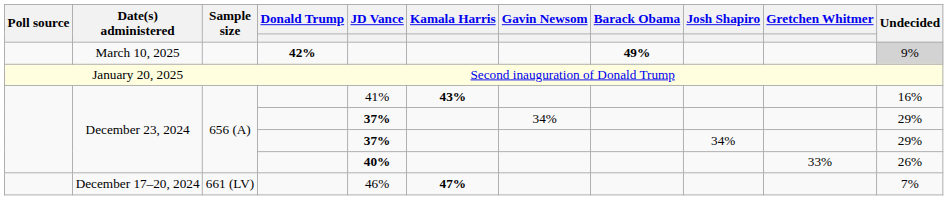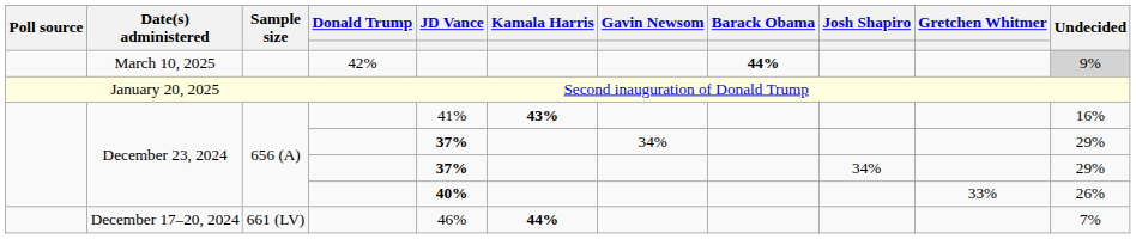 <table class="wikitable" style="font-size:90%;text-align:center;line-height:17px">
 <tr>
 <th rowspan=2>Poll source</th>
 <th rowspan=2>Date(s)<br>administered</th>
 <th rowspan=2>Sample<br>size</th>
 <th><a href='#'>Donald Trump</a><br><small></small></th>
 <th><a href='#'>JD Vance</a><br><small></small></th>
 <th><a href='#'>Kamala Harris</a><br><small></small></th>
 <th><a href='#'>Gavin Newsom</a><br><small></small></th>
 <th><a href='#'>Barack Obama</a><br><small></small></th>
 <th><a href='#'>Josh Shapiro</a><br><small></small></th>
 <th><a href='#'>Gretchen Whitmer</a><br><small></small></th>
 <th rowspan=2>Undecided</th>
 </tr>
 <tr>
 <th data-sort-type="number" style="background:"></th>
 <th data-sort-type="number" style="background:"></th>
 <th data-sort-type="number" style="background:"></th>
 <th data-sort-type="number" style="background:"></th>
 <th data-sort-type="number" style="background:"></th>
 <th data-sort-type="number" style="background:"></th>
 <th data-sort-type="number" style="background:"></th>
 </tr>
 <tr>
 <td></td>
 <td>March 10, 2025</td>
 <td></td>
-<td><strong>42%</strong></td>
+<td>42%</td>
 <td></td>
 <td></td>
 <td></td>
-<td><strong>49%</strong></td>
+<td><strong>44%</strong></td>
 <td></td>
 <td></td>
 <td style="background: lightgrey;">9%</td>
 </tr>
 <tr style="background:lightyellow;">
 <td style="border-right-style:hidden; background:lightyellow;"></td>
 <td style="border-right-style:hidden; ">January 20, 2025</td>
 <td colspan="9"><a href='#'>Second inauguration of Donald Trump</a></td>
 </tr>
 <tr>
 <td rowspan=4></td>
 <td rowspan=4>December 23, 2024</td>
 <td rowspan=4>656 (A)</td>
 <td></td>
 <td>41%</td>
 <td><strong>43%</strong></td>
 <td></td>
 <td></td>
 <td></td>
 <td></td>
 <td>16%</td>
 </tr>
 <tr>
 <td></td>
 <td><strong> 37%</strong></td>
 <td></td>
 <td>34%</td>
 <td></td>
 <td></td>
 <td></td>
 <td>29%</td>
 </tr>
 <tr>
 <td></td>
 <td><strong> 37%</strong></td>
 <td></td>
 <td></td>
 <td></td>
 <td>34%</td>
 <td></td>
 <td>29%</td>
 </tr>
 <tr>
 <td></td>
 <td><strong> 40%</strong></td>
 <td></td>
 <td></td>
 <td></td>
 <td></td>
 <td>33%</td>
 <td>26%</td>
 </tr>
 <tr>
 <td></td>
 <td>December 17–20, 2024</td>
 <td>661 (LV)</td>
 <td></td>
 <td>46%</td>
-<td><strong>47%</strong></td>
+<td><strong>44%</strong></td>
 <td></td>
 <td></td>
 <td></td>
 <td></td>
 <td>7%</td>
 </tr>
 </table>
